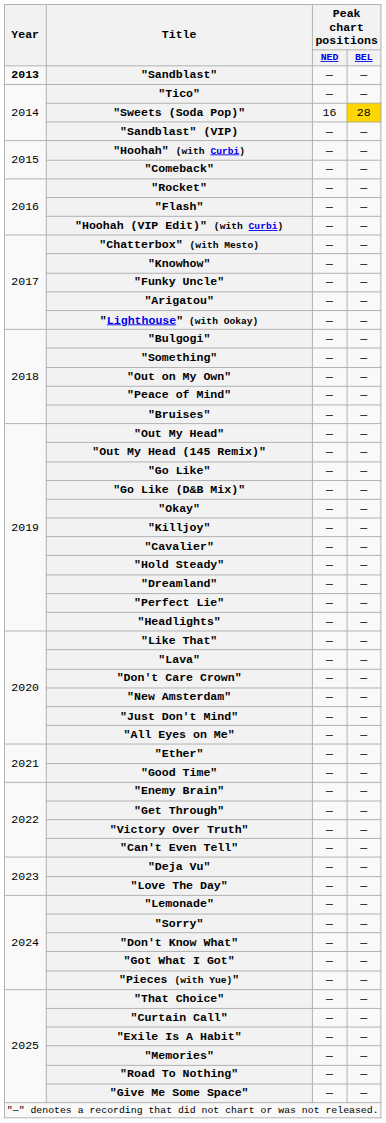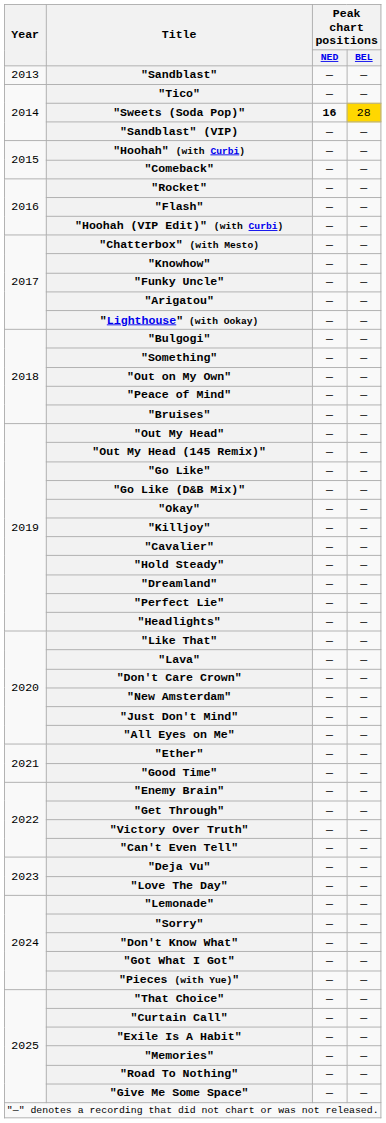 <table class="wikitable plainrowheaders" style="text-align:center;">
 <tr>
 <th rowspan="2" scope="col">Year</th>
 <th rowspan="2" scope="col">Title</th>
 <th colspan="2" scope="col">Peak chart positions</th>
 </tr>
 <tr>
 <th scope="col" style="width:3em;font-size:85%;"><a href='#'>NED</a><br></th>
 <th scope="col" style="width:3em;font-size:85%;"><a href='#'>BEL</a><br></th>
 </tr>
 <tr>
-<td><strong>2013</strong></td>
+<td>2013</td>
 <th scope="row">"Sandblast"</th>
 <td>—</td>
 <td>—</td>
 </tr>
 <tr>
 <td rowspan="3">2014</td>
 <th scope="row">"Tico"</th>
 <td>—</td>
 <td>—</td>
 </tr>
 <tr>
 <th scope="row">"Sweets (Soda Pop)"</th>
-<td>16</td>
+<td><strong>16</strong></td>
 <td style="background: gold;">28</td>
 </tr>
 <tr>
 <th scope="row">"Sandblast" (VIP)</th>
 <td>—</td>
 <td>—</td>
 </tr>
 <tr>
 <td rowspan="2">2015</td>
 <th scope="row">"Hoohah" <small>(with <a href='#'>Curbi</a>)</small></th>
 <td>—</td>
 <td>—</td>
 </tr>
 <tr>
 <th scope="row">"Comeback"</th>
 <td>—</td>
 <td>—</td>
 </tr>
 <tr>
 <td rowspan="3">2016</td>
 <th scope="row">"Rocket"</th>
 <td>—</td>
 <td>—</td>
 </tr>
 <tr>
 <th scope="row">"Flash"</th>
 <td>—</td>
 <td>—</td>
 </tr>
 <tr>
 <th scope="row">"Hoohah (VIP Edit)" <small>(with <a href='#'>Curbi</a>)</small></th>
 <td>—</td>
 <td>—</td>
 </tr>
 <tr>
 <td rowspan="5">2017</td>
 <th scope="row">"Chatterbox" <small>(with Mesto)</small></th>
 <td>—</td>
 <td>—</td>
 </tr>
 <tr>
 <th scope="row">"Knowhow"</th>
 <td>—</td>
 <td>—</td>
 </tr>
 <tr>
 <th scope="row">"Funky Uncle"</th>
 <td>—</td>
 <td>—</td>
 </tr>
 <tr>
 <th scope="row">"Arigatou"</th>
 <td>—</td>
 <td>—</td>
 </tr>
 <tr>
 <th scope="row">"<a href='#'>Lighthouse</a>"<small> (with Ookay)</small></th>
 <td>—</td>
 <td>—</td>
 </tr>
 <tr>
 <td rowspan="5">2018</td>
 <th scope="row">"Bulgogi"</th>
 <td>—</td>
 <td>—</td>
 </tr>
 <tr>
 <th scope="row">"Something"</th>
 <td>—</td>
 <td>—</td>
 </tr>
 <tr>
 <th scope="row">"Out on My Own"</th>
 <td>—</td>
 <td>—</td>
 </tr>
 <tr>
 <th scope="row">"Peace of Mind"</th>
 <td>—</td>
 <td>—</td>
 </tr>
 <tr>
 <th scope="row">"Bruises"</th>
 <td>—</td>
 <td>—</td>
 </tr>
 <tr>
 <td rowspan="11">2019</td>
 <th scope="row">"Out My Head"</th>
 <td>—</td>
 <td>—</td>
 </tr>
 <tr>
 <th scope="row">"Out My Head (145 Remix)"</th>
 <td>—</td>
 <td>—</td>
 </tr>
 <tr>
 <th scope="row">"Go Like"</th>
 <td>—</td>
 <td>—</td>
 </tr>
 <tr>
 <th scope="row">"Go Like (D&B Mix)"</th>
 <td>—</td>
 <td>—</td>
 </tr>
 <tr>
 <th scope="row">"Okay"</th>
 <td>—</td>
 <td>—</td>
 </tr>
 <tr>
 <th scope="row">"Killjoy"</th>
 <td>—</td>
 <td>—</td>
 </tr>
 <tr>
 <th scope="row">"Cavalier"</th>
 <td>—</td>
 <td>—</td>
 </tr>
 <tr>
 <th scope="row">"Hold Steady"</th>
 <td>—</td>
 <td>—</td>
 </tr>
 <tr>
 <th scope="row">"Dreamland"</th>
 <td>—</td>
 <td>—</td>
 </tr>
 <tr>
 <th scope="row">"Perfect Lie"</th>
 <td>—</td>
 <td>—</td>
 </tr>
 <tr>
 <th scope="row">"Headlights"</th>
 <td>—</td>
 <td>—</td>
 </tr>
 <tr>
 <td rowspan="6">2020</td>
 <th scope="row">"Like That"</th>
 <td>—</td>
 <td>—</td>
 </tr>
 <tr>
 <th scope="row">"Lava"</th>
 <td>—</td>
 <td>—</td>
 </tr>
 <tr>
 <th scope="row">"Don't Care Crown"</th>
 <td>—</td>
 <td>—</td>
 </tr>
 <tr>
 <th scope="row">"New Amsterdam"</th>
 <td>—</td>
 <td>—</td>
 </tr>
 <tr>
 <th scope="row">"Just Don't Mind"</th>
 <td>—</td>
 <td>—</td>
 </tr>
 <tr>
 <th scope="row">"All Eyes on Me"</th>
 <td>—</td>
 <td>—</td>
 </tr>
 <tr>
 <td rowspan="2">2021</td>
 <th scope="row">"Ether"</th>
 <td>—</td>
 <td>—</td>
 </tr>
 <tr>
 <th scope="row">"Good Time"</th>
 <td>—</td>
 <td>—</td>
 </tr>
 <tr>
 <td rowspan="4">2022</td>
 <th scope="row">"Enemy Brain"</th>
 <td>—</td>
 <td>—</td>
 </tr>
 <tr>
 <th scope="row">"Get Through"</th>
 <td>—</td>
 <td>—</td>
 </tr>
 <tr>
 <th scope="row">"Victory Over Truth"</th>
 <td>—</td>
 <td>—</td>
 </tr>
 <tr>
 <th scope="row">"Can't Even Tell"</th>
 <td>—</td>
 <td>—</td>
 </tr>
 <tr>
 <td rowspan="2">2023</td>
 <th scope="row">"Deja Vu"</th>
 <td>—</td>
 <td>—</td>
 </tr>
 <tr>
 <th scope="row">"Love The Day"</th>
 <td>—</td>
 <td>—</td>
 </tr>
 <tr>
 <td rowspan="5">2024</td>
 <th scope="row">"Lemonade"</th>
 <td>—</td>
 <td>—</td>
 </tr>
 <tr>
 <th scope="row">"Sorry"</th>
 <td>—</td>
 <td>—</td>
 </tr>
 <tr>
 <th scope="row">"Don't Know What"</th>
 <td>—</td>
 <td>—</td>
 </tr>
 <tr>
 <th scope="row">"Got What I Got"</th>
 <td>—</td>
 <td>—</td>
 </tr>
 <tr>
 <th scope="row">"Pieces <small>(with Yue)</small>"</th>
 <td>—</td>
 <td>—</td>
 </tr>
 <tr>
 <td rowspan="6">2025</td>
 <th scope="row">"That Choice"</th>
 <td>—</td>
 <td>—</td>
 </tr>
 <tr>
 <th scope="row">"Curtain Call"</th>
 <td>—</td>
 <td>—</td>
 </tr>
 <tr>
 <th scope="row">"Exile Is A Habit"</th>
 <td>—</td>
 <td>—</td>
 </tr>
 <tr>
 <th scope="row">"Memories"</th>
 <td>—</td>
 <td>—</td>
 </tr>
 <tr>
 <th scope="row">"Road To Nothing"</th>
 <td>—</td>
 <td>—</td>
 </tr>
 <tr>
 <th scope="row">"Give Me Some Space"</th>
 <td>—</td>
 <td>—</td>
 </tr>
 <tr>
 <td colspan="4" style="font-size:85%">"—" denotes a recording that did not chart or was not released.</td>
 </tr>
 </table>
